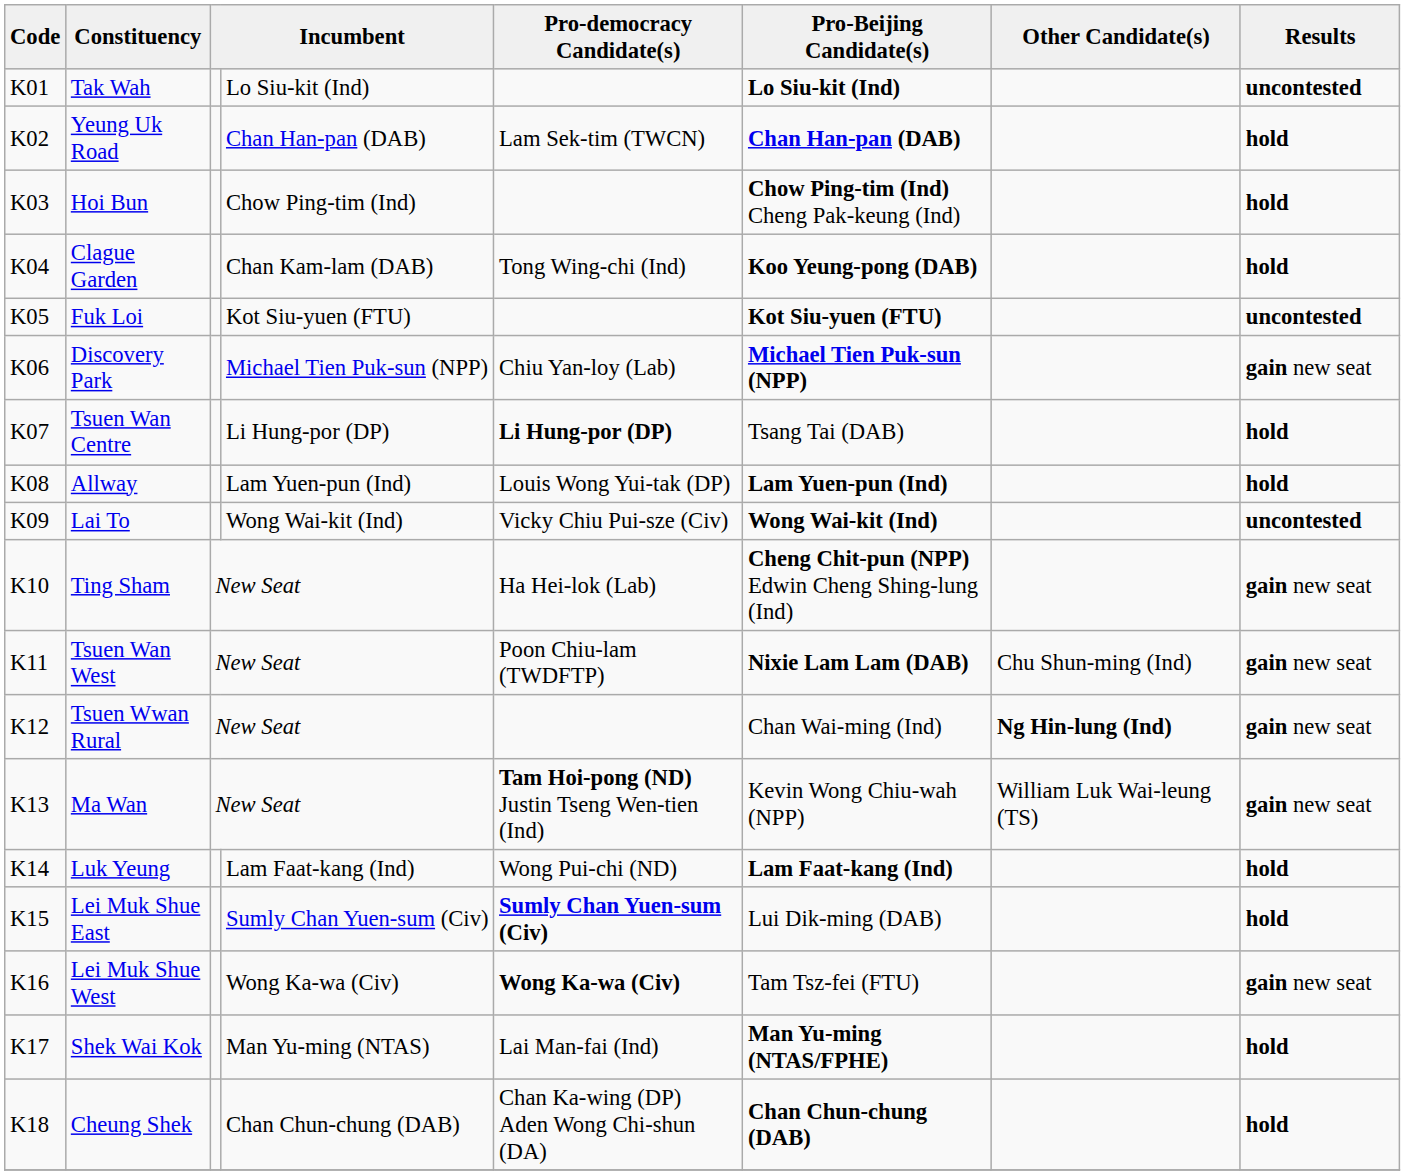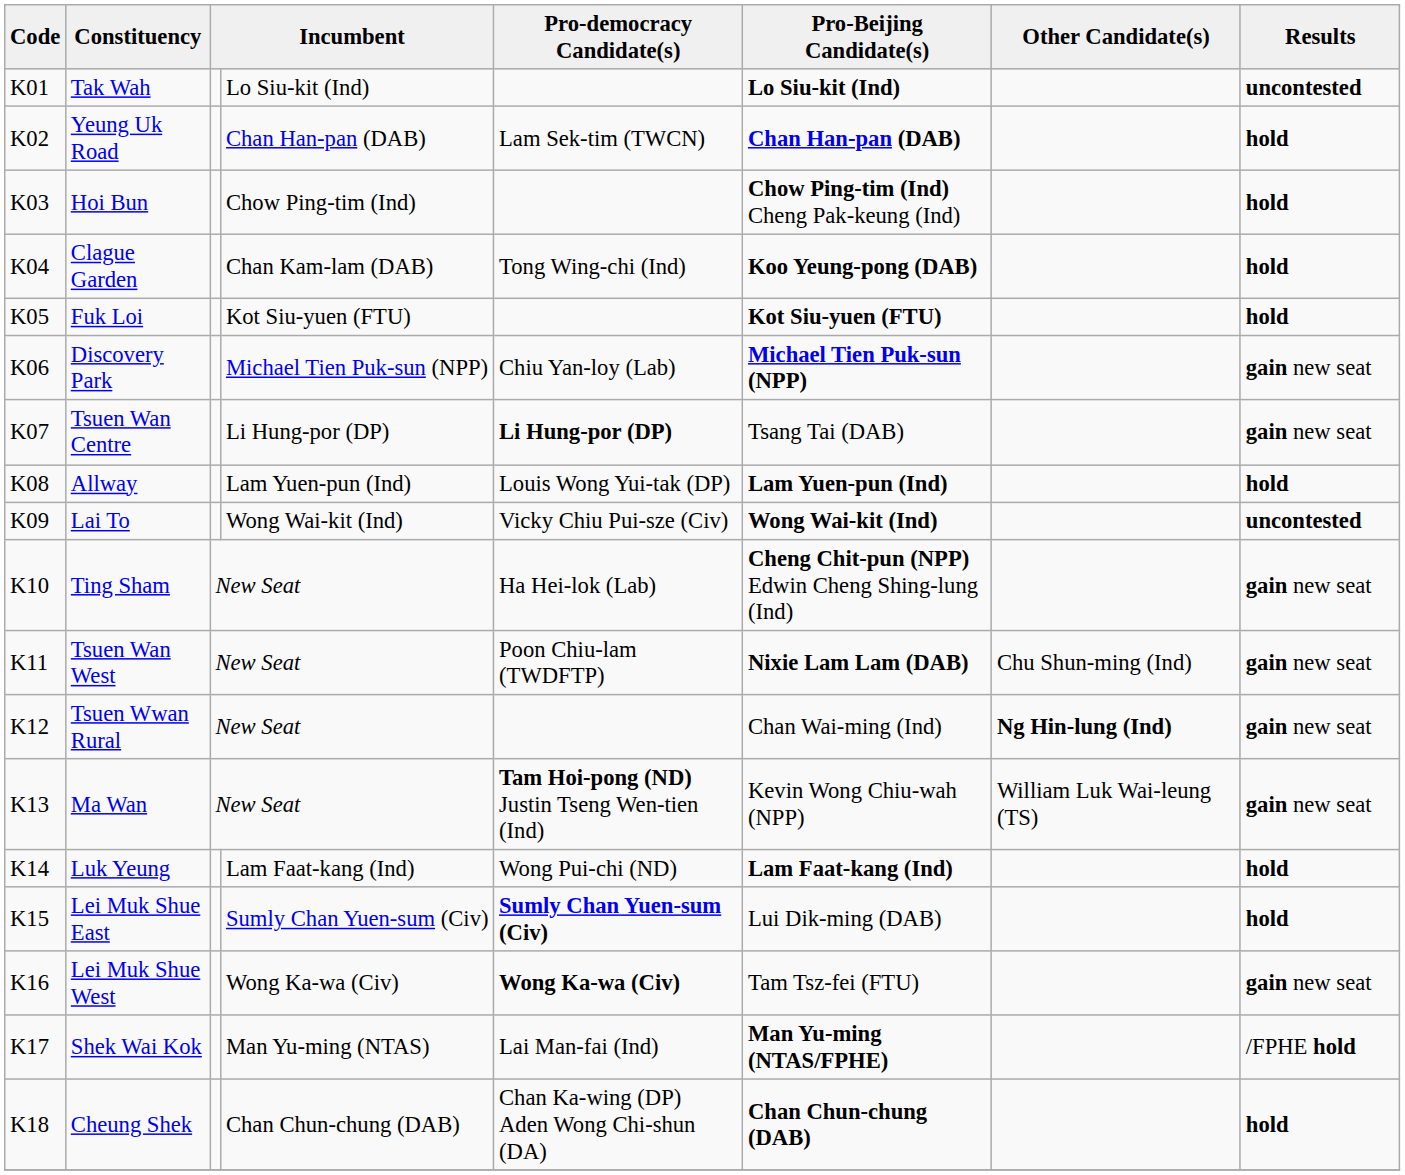 <table class="wikitable sortable" style="font-size: 95%;">
 <tr>
 <th align="center" style="background:#f0f0f0;" width="20px"><strong>Code</strong></th>
 <th align="center" style="background:#f0f0f0;" width="90px"><strong>Constituency</strong></th>
 <th align="center" style="background:#f0f0f0;" width="120px" colspan="2"><strong>Incumbent</strong></th>
 <th align="center" style="background:#f0f0f0;" width="160px"><strong>Pro-democracy Candidate(s)</strong></th>
 <th align="center" style="background:#f0f0f0;" width="160px"><strong>Pro-Beijing Candidate(s)</strong></th>
 <th align="center" style="background:#f0f0f0;" width="160px"><strong>Other Candidate(s)</strong></th>
 <th align="center" style="background:#f0f0f0;" width="100px" colspan="2"><strong>Results</strong></th>
 </tr>
 <tr>
 <td>K01</td>
 <td><a href='#'>Tak Wah</a></td>
 <td></td>
 <td>Lo Siu-kit (Ind)</td>
 <td></td>
 <td><strong>Lo Siu-kit (Ind)</strong></td>
 <td></td>
 <td> <strong>uncontested</strong></td>
 </tr>
 <tr>
 <td>K02</td>
 <td><a href='#'>Yeung Uk Road</a></td>
 <td></td>
 <td><a href='#'>Chan Han-pan</a> (DAB)</td>
 <td>Lam Sek-tim (TWCN)</td>
 <td><strong><a href='#'>Chan Han-pan</a> (DAB)</strong></td>
 <td></td>
 <td> <strong>hold</strong></td>
 </tr>
 <tr>
 <td>K03</td>
 <td><a href='#'>Hoi Bun</a></td>
 <td></td>
 <td>Chow Ping-tim (Ind)</td>
 <td></td>
 <td><strong>Chow Ping-tim (Ind)</strong><br>Cheng Pak-keung (Ind)</td>
 <td></td>
 <td> <strong>hold</strong></td>
 </tr>
 <tr>
 <td>K04</td>
 <td><a href='#'>Clague Garden</a></td>
 <td></td>
 <td>Chan Kam-lam (DAB)</td>
 <td>Tong Wing-chi (Ind)</td>
 <td><strong>Koo Yeung-pong (DAB)</strong></td>
 <td></td>
 <td> <strong>hold</strong></td>
 </tr>
 <tr>
 <td>K05</td>
 <td><a href='#'>Fuk Loi</a></td>
 <td></td>
 <td>Kot Siu-yuen (FTU)</td>
 <td></td>
 <td><strong>Kot Siu-yuen (FTU)</strong></td>
 <td></td>
-<td> <strong>uncontested</strong></td>
+<td> <strong>hold</strong></td>
 </tr>
 <tr>
 <td>K06</td>
 <td><a href='#'>Discovery Park</a></td>
 <td></td>
 <td><a href='#'>Michael Tien Puk-sun</a> (NPP)</td>
 <td>Chiu Yan-loy (Lab)</td>
 <td><strong><a href='#'>Michael Tien Puk-sun</a> (NPP)</strong></td>
 <td></td>
 <td> <strong>gain</strong> new seat</td>
 </tr>
 <tr>
 <td>K07</td>
 <td><a href='#'>Tsuen Wan Centre</a></td>
 <td></td>
 <td>Li Hung-por (DP)</td>
 <td><strong>Li Hung-por (DP)</strong></td>
 <td>Tsang Tai (DAB)</td>
 <td></td>
-<td> <strong>hold</strong></td>
+<td> <strong>gain</strong> new seat</td>
 </tr>
 <tr>
 <td>K08</td>
 <td><a href='#'>Allway</a></td>
 <td></td>
 <td>Lam Yuen-pun (Ind)</td>
 <td>Louis Wong Yui-tak (DP)</td>
 <td><strong>Lam Yuen-pun (Ind)</strong></td>
 <td></td>
 <td> <strong>hold</strong></td>
 </tr>
 <tr>
 <td>K09</td>
 <td><a href='#'>Lai To</a></td>
 <td></td>
 <td>Wong Wai-kit (Ind)</td>
 <td>Vicky Chiu Pui-sze (Civ)</td>
 <td><strong>Wong Wai-kit (Ind)</strong></td>
 <td></td>
 <td> <strong>uncontested</strong></td>
 </tr>
 <tr>
 <td>K10</td>
 <td><a href='#'>Ting Sham</a></td>
 <td colspan=2><em>New Seat</em></td>
 <td>Ha Hei-lok (Lab)</td>
 <td><strong>Cheng Chit-pun (NPP)</strong><br>Edwin Cheng Shing-lung (Ind)</td>
 <td></td>
 <td> <strong>gain</strong> new seat</td>
 </tr>
 <tr>
 <td>K11</td>
 <td><a href='#'>Tsuen Wan West</a></td>
 <td colspan=2><em>New Seat</em></td>
 <td>Poon Chiu-lam (TWDFTP)</td>
 <td><strong>Nixie Lam Lam (DAB)</strong></td>
 <td>Chu Shun-ming (Ind)</td>
 <td> <strong>gain</strong> new seat</td>
 </tr>
 <tr>
 <td>K12</td>
 <td><a href='#'>Tsuen Wwan Rural</a></td>
 <td colspan=2><em>New Seat</em></td>
 <td></td>
 <td>Chan Wai-ming (Ind)</td>
 <td><strong>Ng Hin-lung (Ind)</strong></td>
 <td> <strong>gain</strong> new seat</td>
 </tr>
 <tr>
 <td>K13</td>
 <td><a href='#'>Ma Wan</a></td>
 <td colspan=2><em>New Seat</em></td>
 <td><strong>Tam Hoi-pong (ND)</strong><br>Justin Tseng Wen-tien (Ind)</td>
 <td>Kevin Wong Chiu-wah (NPP)</td>
 <td>William Luk Wai-leung (TS)</td>
 <td> <strong>gain</strong> new seat</td>
 </tr>
 <tr>
 <td>K14</td>
 <td><a href='#'>Luk Yeung</a></td>
 <td></td>
 <td>Lam Faat-kang (Ind)</td>
 <td>Wong Pui-chi (ND)</td>
 <td><strong>Lam Faat-kang (Ind)</strong></td>
 <td></td>
 <td> <strong>hold</strong></td>
 </tr>
 <tr>
 <td>K15</td>
 <td><a href='#'>Lei Muk Shue East</a></td>
 <td></td>
 <td><a href='#'>Sumly Chan Yuen-sum</a> (Civ)</td>
 <td><strong><a href='#'>Sumly Chan Yuen-sum</a> (Civ)</strong></td>
 <td>Lui Dik-ming (DAB)</td>
 <td></td>
 <td> <strong>hold</strong></td>
 </tr>
 <tr>
 <td>K16</td>
 <td><a href='#'>Lei Muk Shue West</a></td>
 <td></td>
 <td>Wong Ka-wa (Civ)</td>
 <td><strong>Wong Ka-wa (Civ)</strong></td>
 <td>Tam Tsz-fei (FTU)</td>
 <td></td>
 <td> <strong>gain</strong> new seat</td>
 </tr>
 <tr>
 <td>K17</td>
 <td><a href='#'>Shek Wai Kok</a></td>
 <td></td>
 <td>Man Yu-ming (NTAS)</td>
 <td>Lai Man-fai (Ind)</td>
 <td><strong>Man Yu-ming (NTAS/FPHE)</strong></td>
 <td></td>
-<td> <strong>hold</strong></td>
+<td>/FPHE <strong>hold</strong></td>
 </tr>
 <tr>
 <td>K18</td>
 <td><a href='#'>Cheung Shek</a></td>
 <td></td>
 <td>Chan Chun-chung (DAB)</td>
 <td>Chan Ka-wing (DP)<br>Aden Wong Chi-shun (DA)</td>
 <td><strong>Chan Chun-chung (DAB)</strong></td>
 <td></td>
 <td> <strong>hold</strong></td>
 </tr>
 <tr>
 </tr>
 </table>
